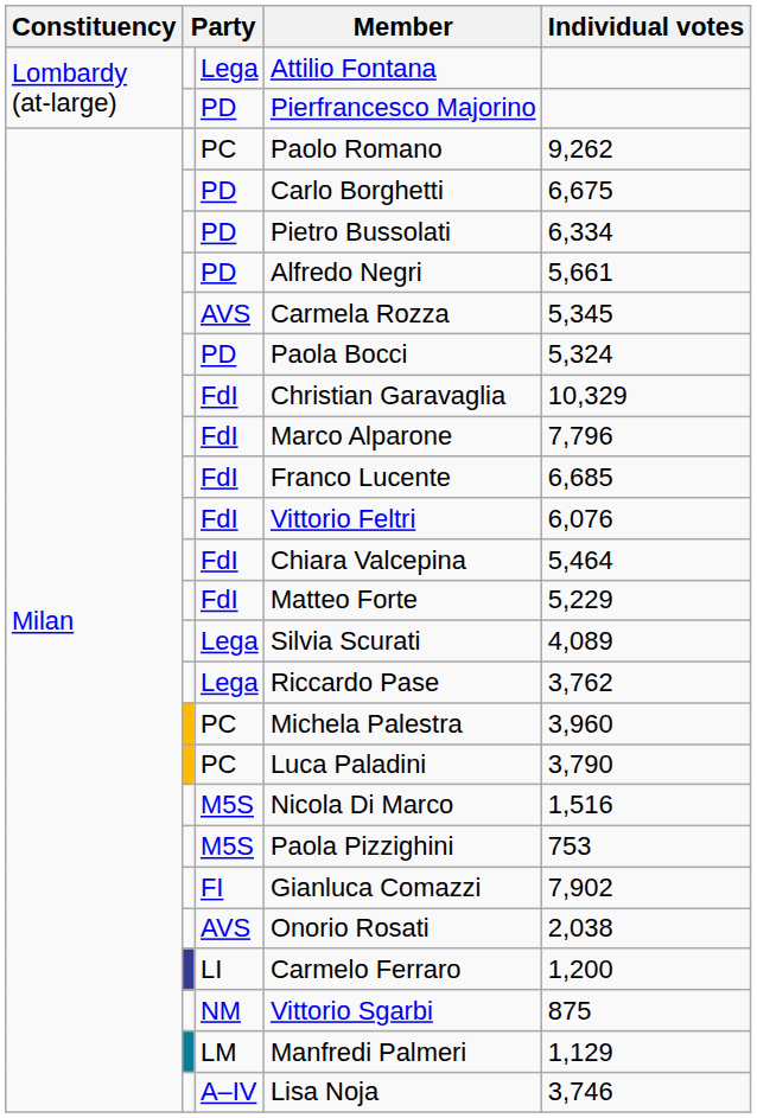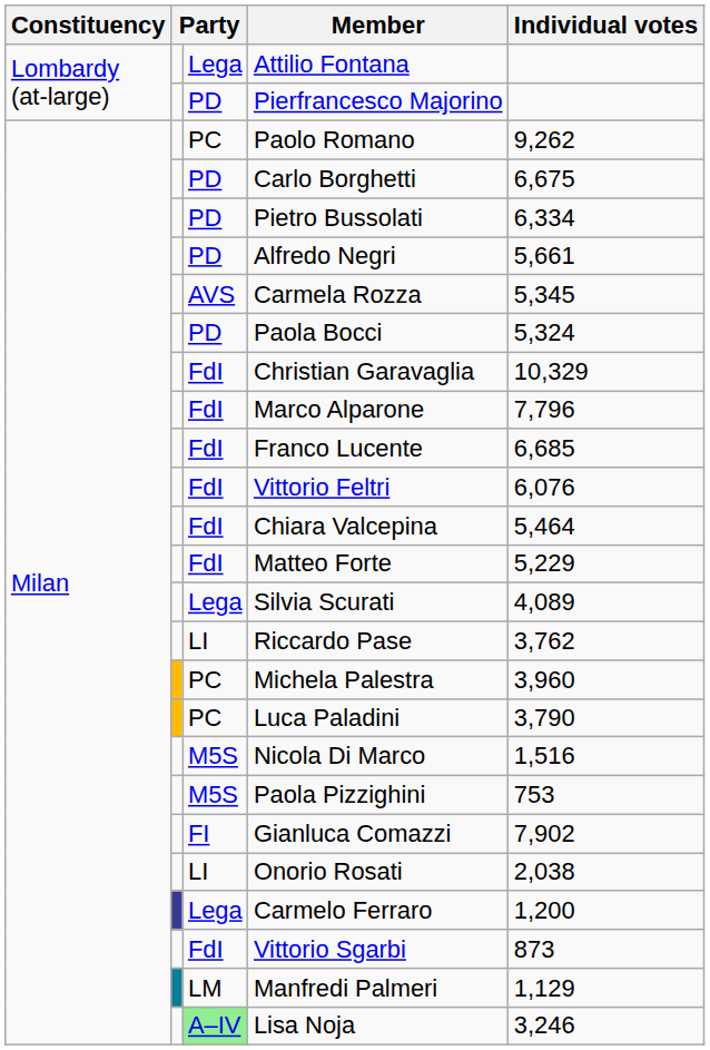 <table class="wikitable" style="font-size:90%">
 <tr>
 <th>Constituency</th>
 <th colspan=2>Party</th>
 <th>Member</th>
 <th>Individual votes</th>
 </tr>
 <tr>
 <td rowspan="2"><a href='#'>Lombardy</a><br>(at-large)</td>
 <td style="background:"></td>
 <td><a href='#'>Lega</a></td>
 <td><a href='#'>Attilio Fontana</a></td>
 <td></td>
 </tr>
 <tr>
 <td style="background:"></td>
 <td><a href='#'>PD</a></td>
 <td><a href='#'>Pierfrancesco Majorino</a></td>
 <td></td>
 </tr>
 <tr>
 <td rowspan="24"><a href='#'>Milan</a></td>
 <td style="background:"></td>
 <td>PC</td>
 <td>Paolo Romano</td>
 <td>9,262</td>
 </tr>
 <tr>
 <td style="background:"></td>
 <td><a href='#'>PD</a></td>
 <td>Carlo Borghetti</td>
 <td>6,675</td>
 </tr>
 <tr>
 <td style="background:"></td>
 <td><a href='#'>PD</a></td>
 <td>Pietro Bussolati</td>
 <td>6,334</td>
 </tr>
 <tr>
 <td style="background:"></td>
 <td><a href='#'>PD</a></td>
 <td>Alfredo Negri</td>
 <td>5,661</td>
 </tr>
 <tr>
 <td style="background:"></td>
 <td><a href='#'>AVS</a></td>
 <td>Carmela Rozza</td>
 <td>5,345</td>
 </tr>
 <tr>
 <td style="background:"></td>
 <td><a href='#'>PD</a></td>
 <td>Paola Bocci</td>
 <td>5,324</td>
 </tr>
 <tr>
 <td style="background:"></td>
 <td><a href='#'>FdI</a></td>
 <td>Christian Garavaglia</td>
 <td>10,329</td>
 </tr>
 <tr>
 <td style="background:"></td>
 <td><a href='#'>FdI</a></td>
 <td>Marco Alparone</td>
 <td>7,796</td>
 </tr>
 <tr>
 <td style="background:"></td>
 <td><a href='#'>FdI</a></td>
 <td>Franco Lucente</td>
 <td>6,685</td>
 </tr>
 <tr>
 <td style="background:"></td>
 <td><a href='#'>FdI</a></td>
 <td><a href='#'>Vittorio Feltri</a></td>
 <td>6,076</td>
 </tr>
 <tr>
 <td style="background:"></td>
 <td><a href='#'>FdI</a></td>
 <td>Chiara Valcepina</td>
 <td>5,464</td>
 </tr>
 <tr>
 <td style="background:"></td>
 <td><a href='#'>FdI</a></td>
 <td>Matteo Forte</td>
 <td>5,229</td>
 </tr>
 <tr>
 <td style="background:"></td>
 <td><a href='#'>Lega</a></td>
 <td>Silvia Scurati</td>
 <td>4,089</td>
 </tr>
 <tr>
 <td style="background:"></td>
-<td><a href='#'>Lega</a></td>
+<td>LI</td>
 <td>Riccardo Pase</td>
 <td>3,762</td>
 </tr>
 <tr>
 <td style="background:#FEBB00"></td>
 <td>PC</td>
 <td>Michela Palestra</td>
 <td>3,960</td>
 </tr>
 <tr>
 <td style="background:#FEBB00"></td>
 <td>PC</td>
 <td>Luca Paladini</td>
 <td>3,790</td>
 </tr>
 <tr>
 <td style="background:"></td>
 <td><a href='#'>M5S</a></td>
 <td>Nicola Di Marco</td>
 <td>1,516</td>
 </tr>
 <tr>
 <td style="background:"></td>
 <td><a href='#'>M5S</a></td>
 <td>Paola Pizzighini</td>
 <td>753</td>
 </tr>
 <tr>
 <td style="background:"></td>
 <td><a href='#'>FI</a></td>
 <td>Gianluca Comazzi</td>
 <td>7,902</td>
 </tr>
 <tr>
 <td style="background:"></td>
-<td><a href='#'>AVS</a></td>
+<td>LI</td>
 <td>Onorio Rosati</td>
 <td>2,038</td>
 </tr>
 <tr>
 <td style="background:#363A91"></td>
-<td>LI</td>
+<td><a href='#'>Lega</a></td>
 <td>Carmelo Ferraro</td>
 <td>1,200</td>
 </tr>
 <tr>
 <td style="background:"></td>
-<td><a href='#'>NM</a></td>
+<td><a href='#'>FdI</a></td>
 <td><a href='#'>Vittorio Sgarbi</a></td>
-<td>875</td>
+<td>873</td>
 </tr>
 <tr>
 <td style="background:#0A7D98"></td>
 <td>LM</td>
 <td>Manfredi Palmeri</td>
 <td>1,129</td>
 </tr>
 <tr>
 <td style="background:"></td>
-<td><a href='#'>A–IV</a></td>
+<td style="background: lightgreen;"><a href='#'>A–IV</a></td>
 <td>Lisa Noja</td>
-<td>3,746</td>
+<td>3,246</td>
 </tr>
 </table>
